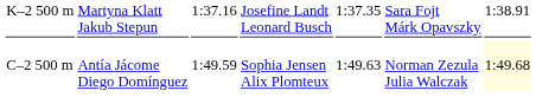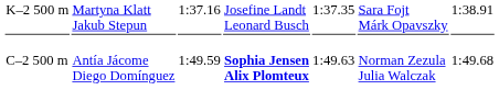 <table>
 <tr>
 <td style="border-bottom:1px solid black">K–2 500 m</td>
 <td style="border-bottom:1px solid black"><br><a href='#'>Martyna Klatt</a><br><a href='#'>Jakub Stepun</a></td>
 <td style="border-bottom:1px solid black">1:37.16</td>
 <td style="border-bottom:1px solid black"><br><a href='#'>Josefine Landt</a><br><a href='#'>Leonard Busch</a></td>
 <td style="border-bottom:1px solid black">1:37.35</td>
 <td style="border-bottom:1px solid black"><br><a href='#'>Sara Fojt</a><br><a href='#'>Márk Opavszky</a></td>
 <td style="border-bottom:1px solid black">1:38.91</td>
 </tr>
 <tr>
 <td>C–2 500 m</td>
 <td><br><a href='#'>Antía Jácome</a><br><a href='#'>Diego Domínguez</a></td>
 <td>1:49.59</td>
-<td><br><a href='#'>Sophia Jensen</a><br><a href='#'>Alix Plomteux</a></td>
+<td><strong><br><a href='#'>Sophia Jensen</a><br><a href='#'>Alix Plomteux</a></strong></td>
 <td>1:49.63</td>
 <td><br><a href='#'>Norman Zezula</a><br><a href='#'>Julia Walczak</a></td>
-<td style="background: lightyellow;">1:49.68</td>
+<td>1:49.68</td>
 </tr>
 </table>
